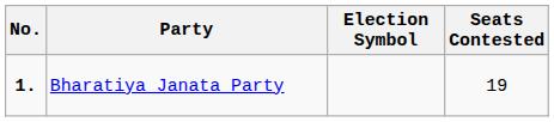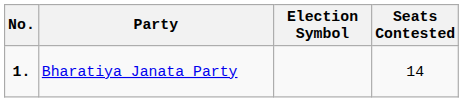 <table class="wikitable">
 <tr>
 <th scope="col" style="width:4px;">No.</th>
 <th scope="col" style="width:200px;">Party</th>
 <th scope="col" style="width:80px;">Election Symbol</th>
 <th scope="col" style="width:60px;">Seats Contested</th>
 </tr>
 <tr style="height: 45px;">
 <td style="text-align:center; background:"><strong>1.</strong></td>
 <td><a href='#'>Bharatiya Janata Party</a></td>
 <td style="text-align:center;"></td>
-<td style="text-align:center;">19</td>
+<td style="text-align:center;">14</td>
 </tr>
 </table>
